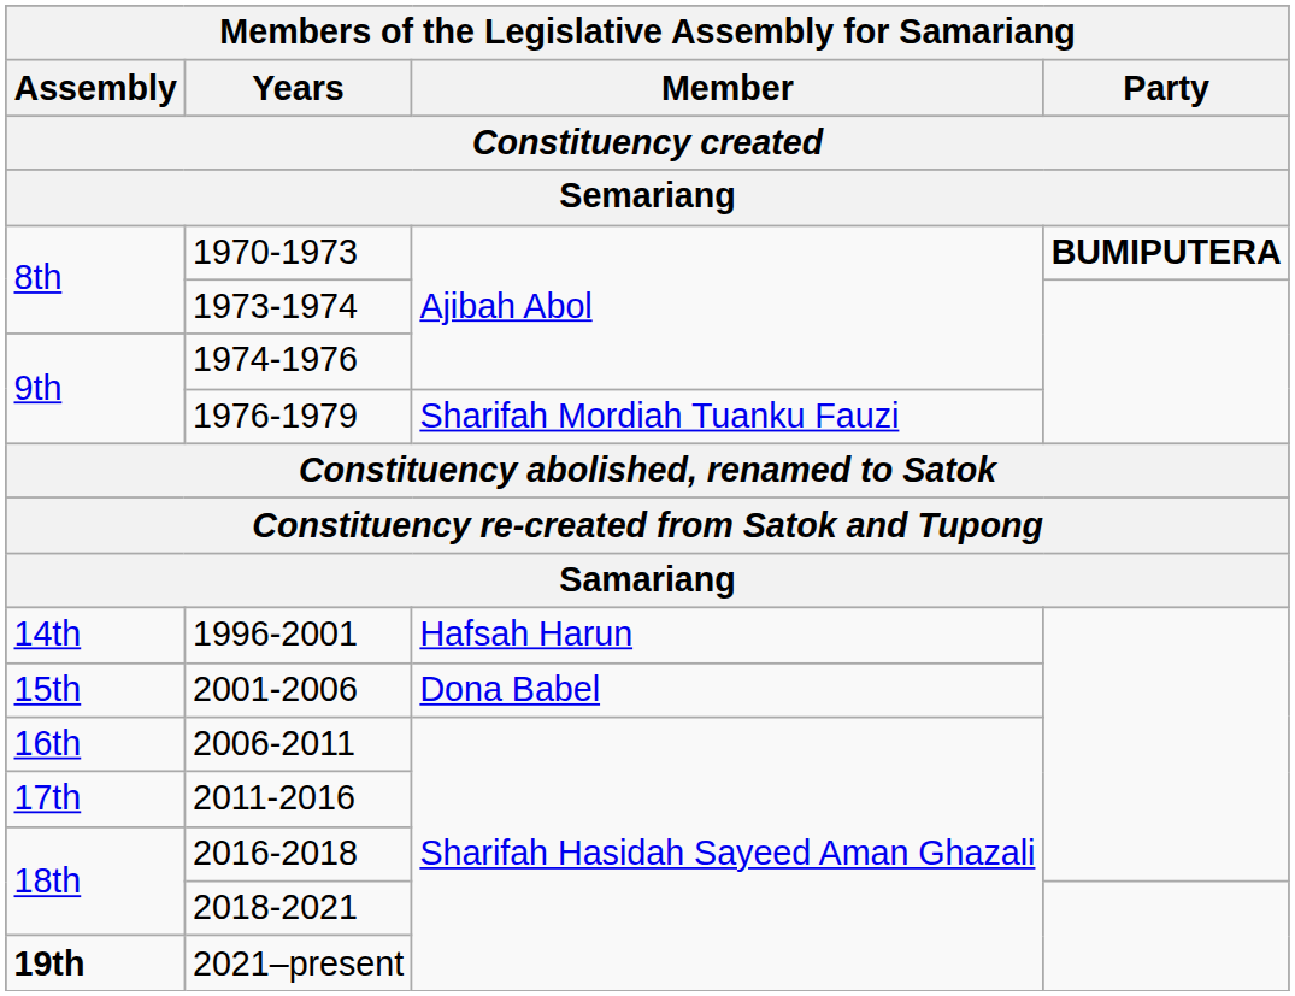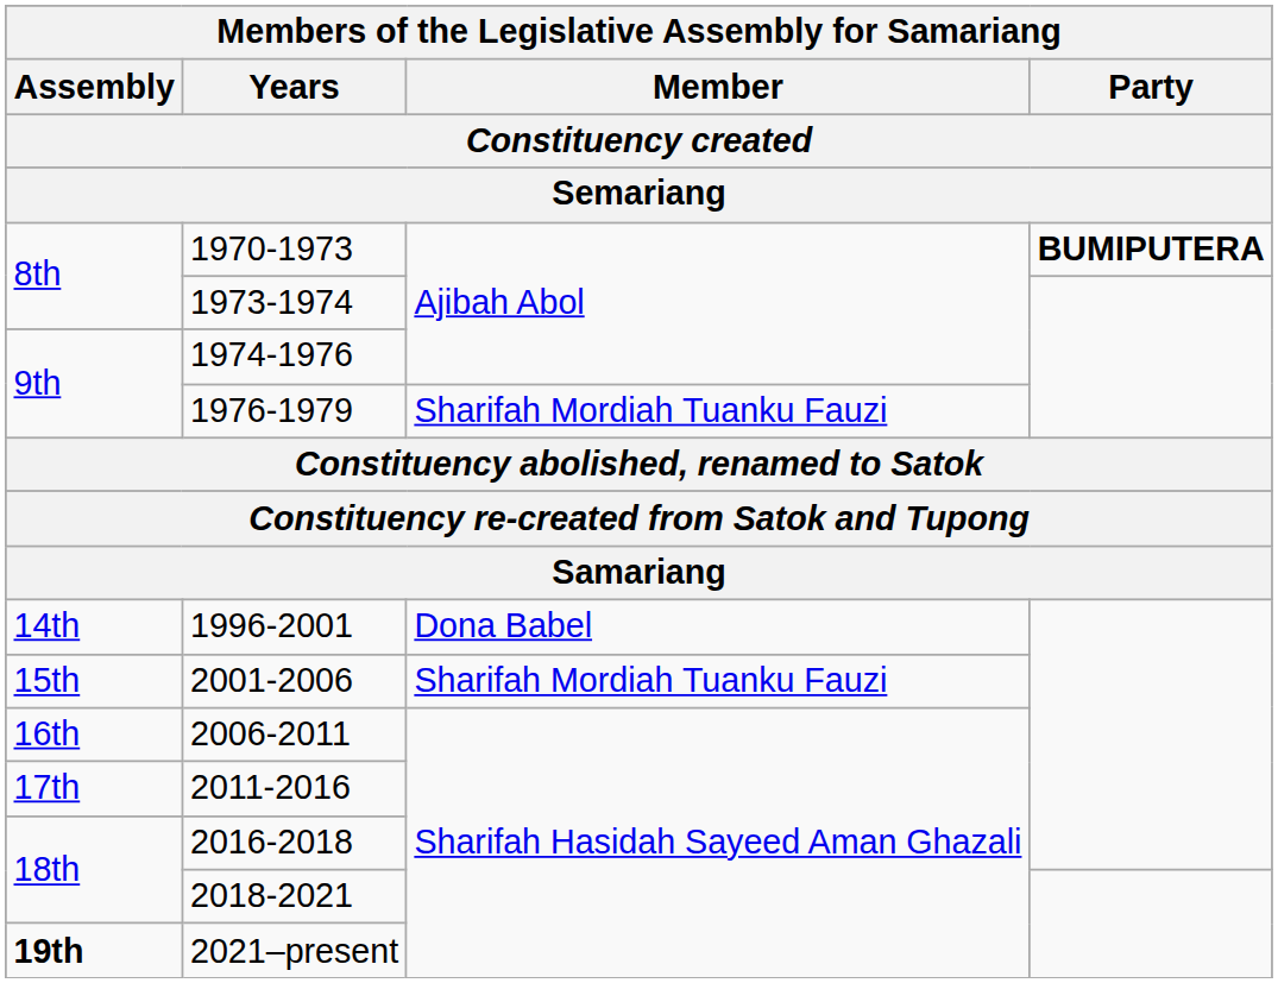 <table class=wikitable>
 <tr>
 <th colspan="4">Members of the Legislative Assembly for Samariang</th>
 </tr>
 <tr>
 <th>Assembly</th>
 <th>Years</th>
 <th>Member</th>
 <th>Party</th>
 </tr>
 <tr>
 <th colspan=4 align=center><em>Constituency created</em></th>
 </tr>
 <tr>
 <th colspan=4 align=center>Semariang</th>
 </tr>
 <tr>
 <td rowspan=2><a href='#'>8th</a></td>
 <td>1970-1973</td>
 <td rowspan=3><a href='#'>Ajibah Abol</a></td>
 <td><strong>BUMIPUTERA</strong></td>
 </tr>
 <tr>
 <td>1973-1974</td>
 <td rowspan=3></td>
 </tr>
 <tr>
 <td rowspan=2><a href='#'>9th</a></td>
 <td>1974-1976</td>
 </tr>
 <tr>
 <td>1976-1979</td>
 <td><a href='#'>Sharifah Mordiah Tuanku Fauzi</a></td>
 </tr>
 <tr>
 <th colspan=4 align=center><em>Constituency abolished, renamed to Satok</em></th>
 </tr>
 <tr>
 <th colspan=4 align=center><em>Constituency re-created from Satok and Tupong</em></th>
 </tr>
 <tr>
 <th colspan=4 align=center>Samariang</th>
 </tr>
 <tr>
 <td><a href='#'>14th</a></td>
 <td>1996-2001</td>
-<td><a href='#'>Hafsah Harun</a></td>
+<td><a href='#'>Dona Babel</a></td>
 <td rowspan=5></td>
 </tr>
 <tr>
 <td><a href='#'>15th</a></td>
 <td>2001-2006</td>
-<td><a href='#'>Dona Babel</a></td>
+<td><a href='#'>Sharifah Mordiah Tuanku Fauzi</a></td>
 </tr>
 <tr>
 <td><a href='#'>16th</a></td>
 <td>2006-2011</td>
 <td rowspan=5><a href='#'>Sharifah Hasidah Sayeed Aman Ghazali</a></td>
 </tr>
 <tr>
 <td><a href='#'>17th</a></td>
 <td>2011-2016</td>
 </tr>
 <tr>
 <td rowspan=2><a href='#'>18th</a></td>
 <td>2016-2018</td>
 </tr>
 <tr>
 <td>2018-2021</td>
 <td rowspan=2></td>
 </tr>
 <tr>
 <td><strong>19th</strong></td>
 <td>2021–present</td>
 </tr>
 </table>
